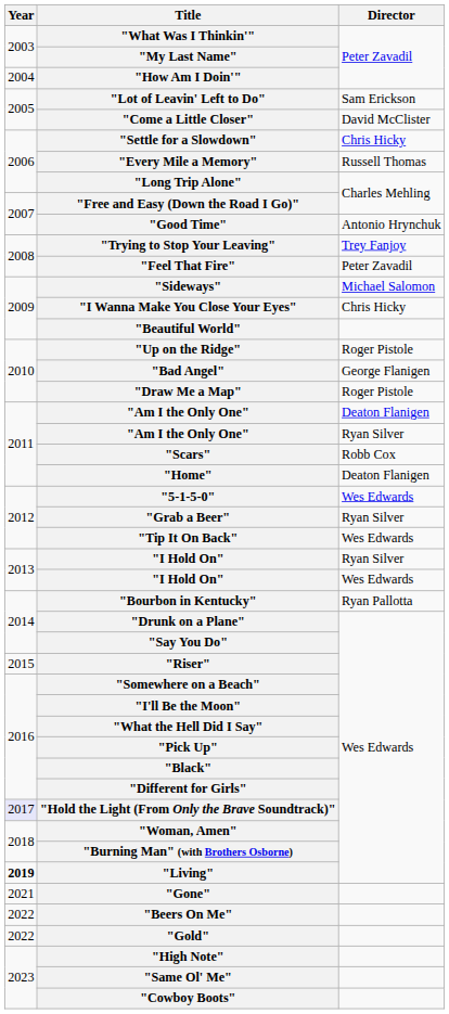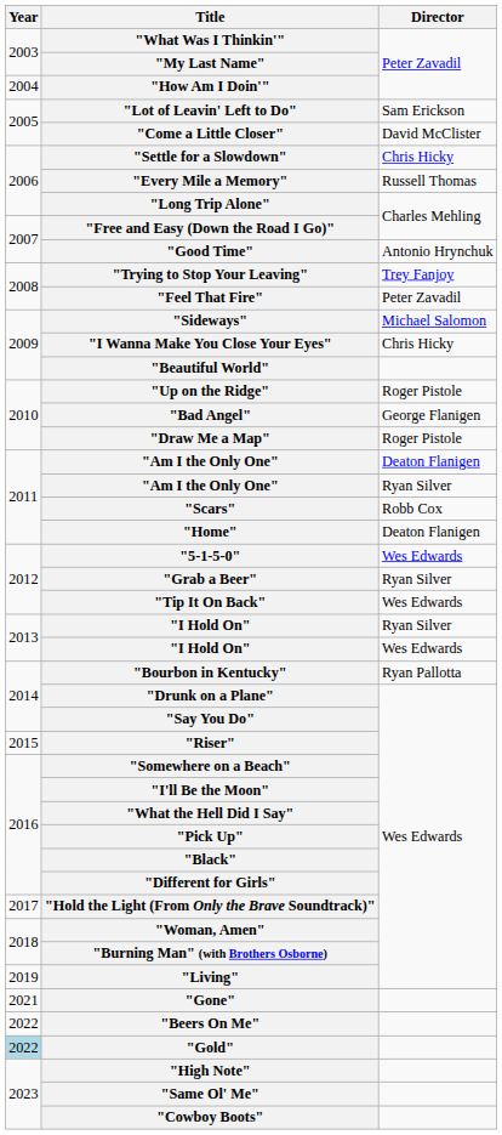 <table class="wikitable plainrowheaders">
 <tr>
 <th scope="col">Year</th>
 <th scope="col">Title</th>
 <th scope="col">Director</th>
 </tr>
 <tr>
 <td rowspan="2">2003</td>
 <th scope="row">"What Was I Thinkin'"</th>
 <td rowspan="3"><a href='#'>Peter Zavadil</a></td>
 </tr>
 <tr>
 <th scope="row">"My Last Name"</th>
 </tr>
 <tr>
 <td>2004</td>
 <th scope="row">"How Am I Doin'"</th>
 </tr>
 <tr>
 <td rowspan="2">2005</td>
 <th scope="row">"Lot of Leavin' Left to Do"</th>
 <td>Sam Erickson</td>
 </tr>
 <tr>
 <th scope="row">"Come a Little Closer"</th>
 <td>David McClister</td>
 </tr>
 <tr>
 <td rowspan="3">2006</td>
 <th scope="row">"Settle for a Slowdown"</th>
 <td><a href='#'>Chris Hicky</a></td>
 </tr>
 <tr>
 <th scope="row">"Every Mile a Memory"</th>
 <td>Russell Thomas</td>
 </tr>
 <tr>
 <th scope="row">"Long Trip Alone"</th>
 <td rowspan="2">Charles Mehling</td>
 </tr>
 <tr>
 <td rowspan="2">2007</td>
 <th scope="row">"Free and Easy (Down the Road I Go)"</th>
 </tr>
 <tr>
 <th scope="row">"Good Time"<br> </th>
 <td>Antonio Hrynchuk</td>
 </tr>
 <tr>
 <td rowspan="2">2008</td>
 <th scope="row">"Trying to Stop Your Leaving"</th>
 <td><a href='#'>Trey Fanjoy</a></td>
 </tr>
 <tr>
 <th scope="row">"Feel That Fire"</th>
 <td>Peter Zavadil</td>
 </tr>
 <tr>
 <td rowspan="3">2009</td>
 <th scope="row">"Sideways"</th>
 <td><a href='#'>Michael Salomon</a></td>
 </tr>
 <tr>
 <th scope="row">"I Wanna Make You Close Your Eyes"</th>
 <td>Chris Hicky</td>
 </tr>
 <tr>
 <th scope="row">"Beautiful World"<br> </th>
 <td></td>
 </tr>
 <tr>
 <td rowspan="3">2010</td>
 <th scope="row">"Up on the Ridge"</th>
 <td>Roger Pistole</td>
 </tr>
 <tr>
 <th scope="row">"Bad Angel"<br></th>
 <td>George Flanigen</td>
 </tr>
 <tr>
 <th scope="row">"Draw Me a Map"</th>
 <td>Roger Pistole</td>
 </tr>
 <tr>
 <td rowspan="4">2011</td>
 <th scope="row">"Am I the Only One"</th>
 <td><a href='#'>Deaton Flanigen</a></td>
 </tr>
 <tr>
 <th scope="row">"Am I the Only One" </th>
 <td>Ryan Silver</td>
 </tr>
 <tr>
 <th scope="row">"Scars" </th>
 <td>Robb Cox</td>
 </tr>
 <tr>
 <th scope="row">"Home"</th>
 <td>Deaton Flanigen</td>
 </tr>
 <tr>
 <td rowspan="3">2012</td>
 <th scope="row">"5-1-5-0"</th>
 <td><a href='#'>Wes Edwards</a></td>
 </tr>
 <tr>
 <th scope="row">"Grab a Beer"</th>
 <td>Ryan Silver</td>
 </tr>
 <tr>
 <th scope="row">"Tip It On Back"</th>
 <td>Wes Edwards</td>
 </tr>
 <tr>
 <td rowspan="2">2013</td>
 <th scope="row">"I Hold On" </th>
 <td>Ryan Silver</td>
 </tr>
 <tr>
 <th scope="row">"I Hold On"</th>
 <td>Wes Edwards</td>
 </tr>
 <tr>
 <td rowspan="3">2014</td>
 <th scope="row">"Bourbon in Kentucky"</th>
 <td>Ryan Pallotta</td>
 </tr>
 <tr>
 <th scope="row">"Drunk on a Plane"</th>
 <td rowspan="13">Wes Edwards</td>
 </tr>
 <tr>
 <th scope="row">"Say You Do"</th>
 </tr>
 <tr>
 <td>2015</td>
 <th scope="row">"Riser"</th>
 </tr>
 <tr>
 <td rowspan="6">2016</td>
 <th scope="row">"Somewhere on a Beach"</th>
 </tr>
 <tr>
 <th scope="row">"I'll Be the Moon"</th>
 </tr>
 <tr>
 <th scope="row">"What the Hell Did I Say"</th>
 </tr>
 <tr>
 <th scope="row">"Pick Up"</th>
 </tr>
 <tr>
 <th scope="row">"Black"</th>
 </tr>
 <tr>
 <th scope="row">"Different for Girls"</th>
 </tr>
 <tr>
-<td style="background: lavender;">2017</td>
+<td>2017</td>
 <th scope="row">"Hold the Light (From <em>Only the Brave</em> Soundtrack)"</th>
 </tr>
 <tr>
 <td rowspan="2">2018</td>
 <th scope="row">"Woman, Amen"</th>
 </tr>
 <tr>
 <th scope="row">"Burning Man" <small>(with <a href='#'>Brothers Osborne</a>)</small></th>
 </tr>
 <tr>
-<td><strong>2019</strong></td>
+<td>2019</td>
 <th scope="row">"Living"</th>
 </tr>
 <tr>
 <td>2021</td>
 <th scope="row">"Gone"</th>
 <td></td>
 </tr>
 <tr>
 <td>2022</td>
 <th scope="row">"Beers On Me" <br> </th>
 <td></td>
 </tr>
 <tr>
-<td>2022</td>
+<td style="background: lightblue;">2022</td>
 <th scope="row">"Gold"</th>
 <td></td>
 </tr>
 <tr>
 <td rowspan="3">2023</td>
 <th scope="row">"High Note"<br> </th>
 <td></td>
 </tr>
 <tr>
 <th scope="row">"Same Ol' Me"</th>
 <td></td>
 </tr>
 <tr>
 <th scope="row">"Cowboy Boots" <br> </th>
 <td></td>
 </tr>
 </table>
